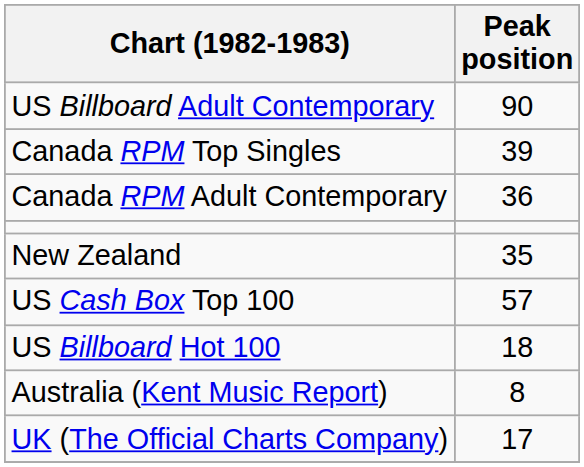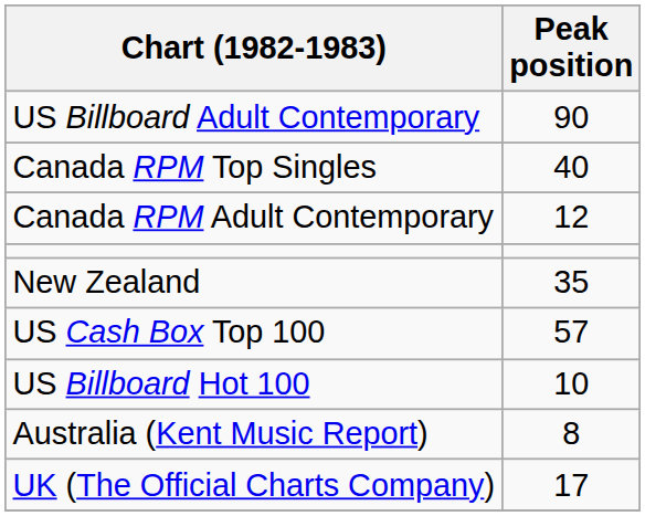 <table class="wikitable sortable">
 <tr>
 <th align="left">Chart (1982-1983)</th>
 <th align="left">Peak<br>position</th>
 </tr>
 <tr>
 <td>US <em>Billboard</em> <a href='#'>Adult Contemporary</a></td>
 <td style="text-align:center;">90</td>
 </tr>
 <tr>
 <td>Canada <em><a href='#'>RPM</a></em> Top Singles</td>
-<td style="text-align:center;">39</td>
+<td style="text-align:center;">40</td>
 </tr>
 <tr>
 <td>Canada <em><a href='#'>RPM</a></em> Adult Contemporary</td>
-<td style="text-align:center;">36</td>
+<td style="text-align:center;">12</td>
 </tr>
 <tr>
 <td></td>
 </tr>
 <tr>
 <td>New Zealand </td>
 <td style="text-align:center;">35</td>
 </tr>
 <tr>
 <td>US <em><a href='#'>Cash Box</a></em> Top 100</td>
 <td style="text-align:center;">57</td>
 </tr>
 <tr>
 <td>US <em><a href='#'>Billboard</a></em> <a href='#'>Hot 100</a></td>
-<td style="text-align:center;">18</td>
+<td style="text-align:center;">10</td>
 </tr>
 <tr>
 <td>Australia (<a href='#'>Kent Music Report</a>)</td>
 <td style="text-align:center;">8</td>
 </tr>
 <tr>
 <td><a href='#'>UK</a> (<a href='#'>The Official Charts Company</a>)</td>
 <td style="text-align:center;">17</td>
 </tr>
 <tr>
 </tr>
 </table>
